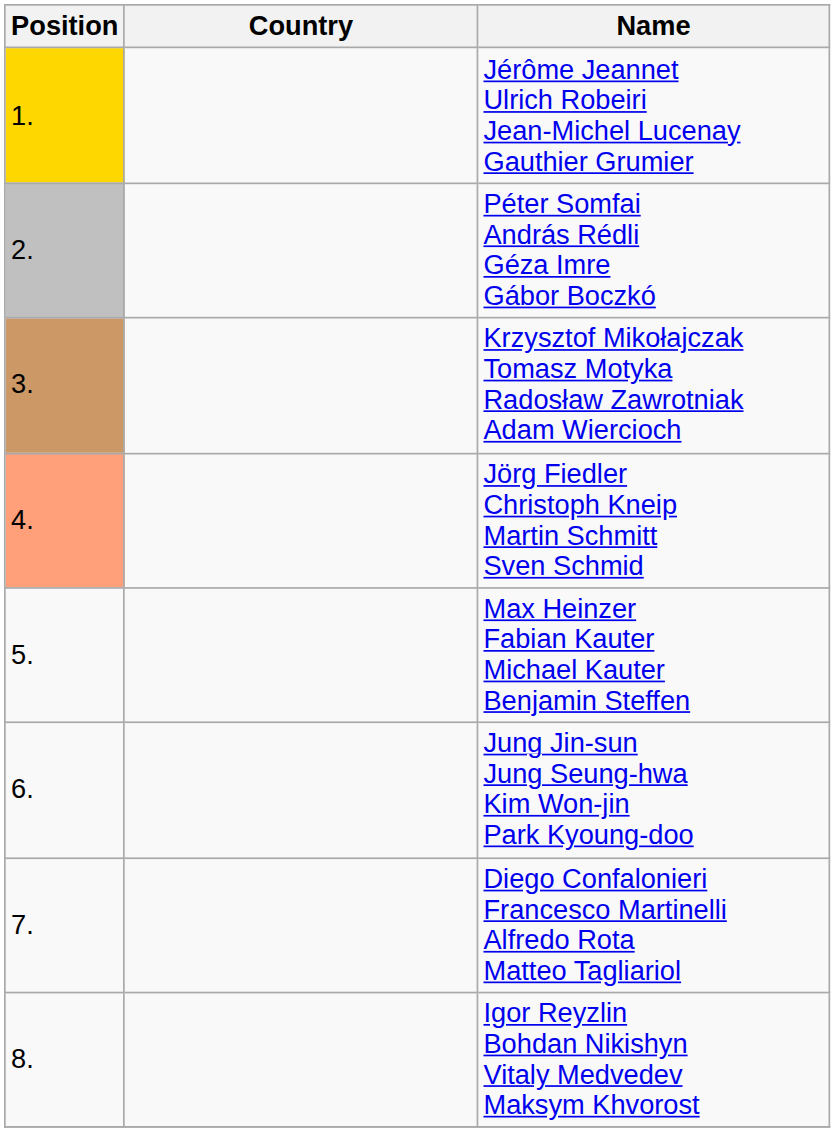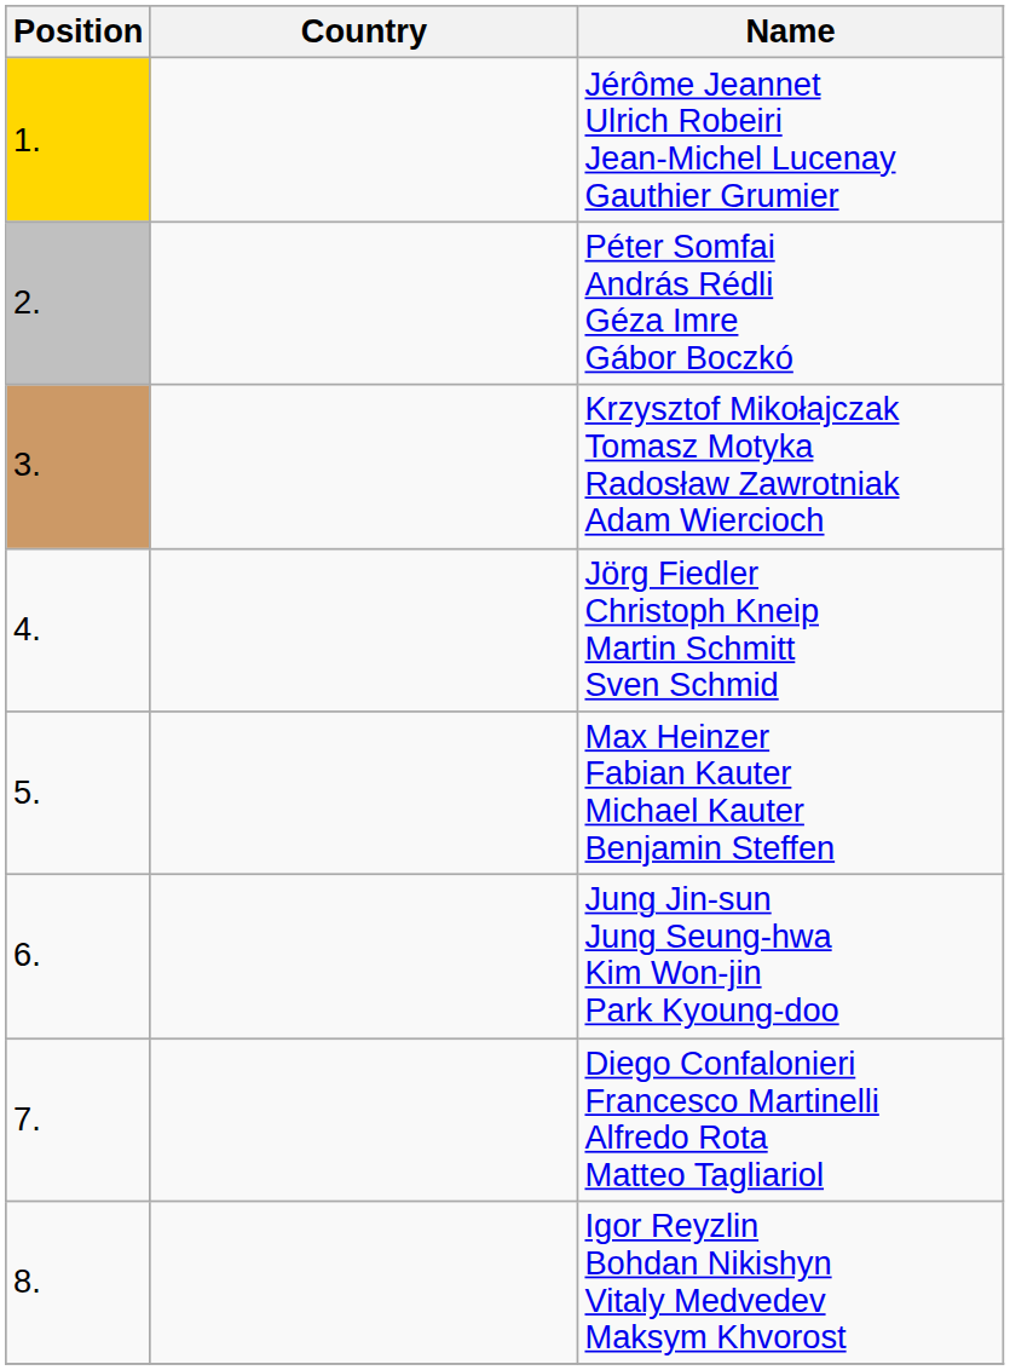 <table class="wikitable">
 <tr>
 <th width="10">Position</th>
 <th width="200">Country</th>
 <th width="200">Name</th>
 </tr>
 <tr>
 <td bgcolor="gold">1.</td>
 <td></td>
 <td><a href='#'>Jérôme Jeannet</a> <br> <a href='#'>Ulrich Robeiri</a> <br> <a href='#'>Jean-Michel Lucenay</a> <br> <a href='#'>Gauthier Grumier</a></td>
 </tr>
 <tr>
 <td bgcolor="silver">2.</td>
 <td></td>
 <td><a href='#'>Péter Somfai</a> <br> <a href='#'>András Rédli</a> <br> <a href='#'>Géza Imre</a> <br> <a href='#'>Gábor Boczkó</a></td>
 </tr>
 <tr>
 <td bgcolor="#CC9966">3.</td>
 <td></td>
 <td><a href='#'>Krzysztof Mikołajczak</a> <br> <a href='#'>Tomasz Motyka</a> <br> <a href='#'>Radosław Zawrotniak</a> <br> <a href='#'>Adam Wiercioch</a></td>
 </tr>
 <tr>
-<td style="background: lightsalmon;">4.</td>
+<td>4.</td>
 <td></td>
 <td><a href='#'>Jörg Fiedler</a> <br> <a href='#'>Christoph Kneip</a> <br> <a href='#'>Martin Schmitt</a> <br> <a href='#'>Sven Schmid</a></td>
 </tr>
 <tr>
 <td>5.</td>
 <td></td>
 <td><a href='#'>Max Heinzer</a> <br> <a href='#'>Fabian Kauter</a> <br> <a href='#'>Michael Kauter</a> <br> <a href='#'>Benjamin Steffen</a></td>
 </tr>
 <tr>
 <td>6.</td>
 <td></td>
 <td><a href='#'>Jung Jin-sun</a> <br> <a href='#'>Jung Seung-hwa</a> <br> <a href='#'>Kim Won-jin</a> <br> <a href='#'>Park Kyoung-doo</a></td>
 </tr>
 <tr>
 <td>7.</td>
 <td></td>
 <td><a href='#'>Diego Confalonieri</a> <br> <a href='#'>Francesco Martinelli</a> <br> <a href='#'>Alfredo Rota</a> <br> <a href='#'>Matteo Tagliariol</a></td>
 </tr>
 <tr>
 <td>8.</td>
 <td></td>
 <td><a href='#'>Igor Reyzlin</a><br> <a href='#'>Bohdan Nikishyn</a> <br> <a href='#'>Vitaly Medvedev</a> <br> <a href='#'>Maksym Khvorost</a></td>
 </tr>
 <tr>
 </tr>
 </table>
